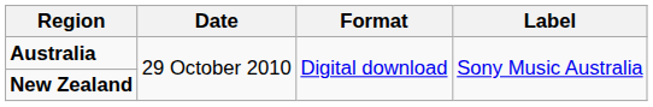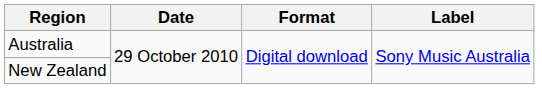 <table class="wikitable">
 <tr>
 <th>Region</th>
 <th>Date</th>
 <th>Format</th>
 <th>Label</th>
 </tr>
 <tr>
-<td><strong>Australia</strong></td>
+<td>Australia</td>
 <td rowspan="2">29 October 2010</td>
 <td rowspan="2"><a href='#'>Digital download</a></td>
 <td rowspan="2"><a href='#'>Sony Music Australia</a></td>
 </tr>
 <tr>
-<td><strong>New Zealand</strong></td>
+<td>New Zealand</td>
 </tr>
 </table>
